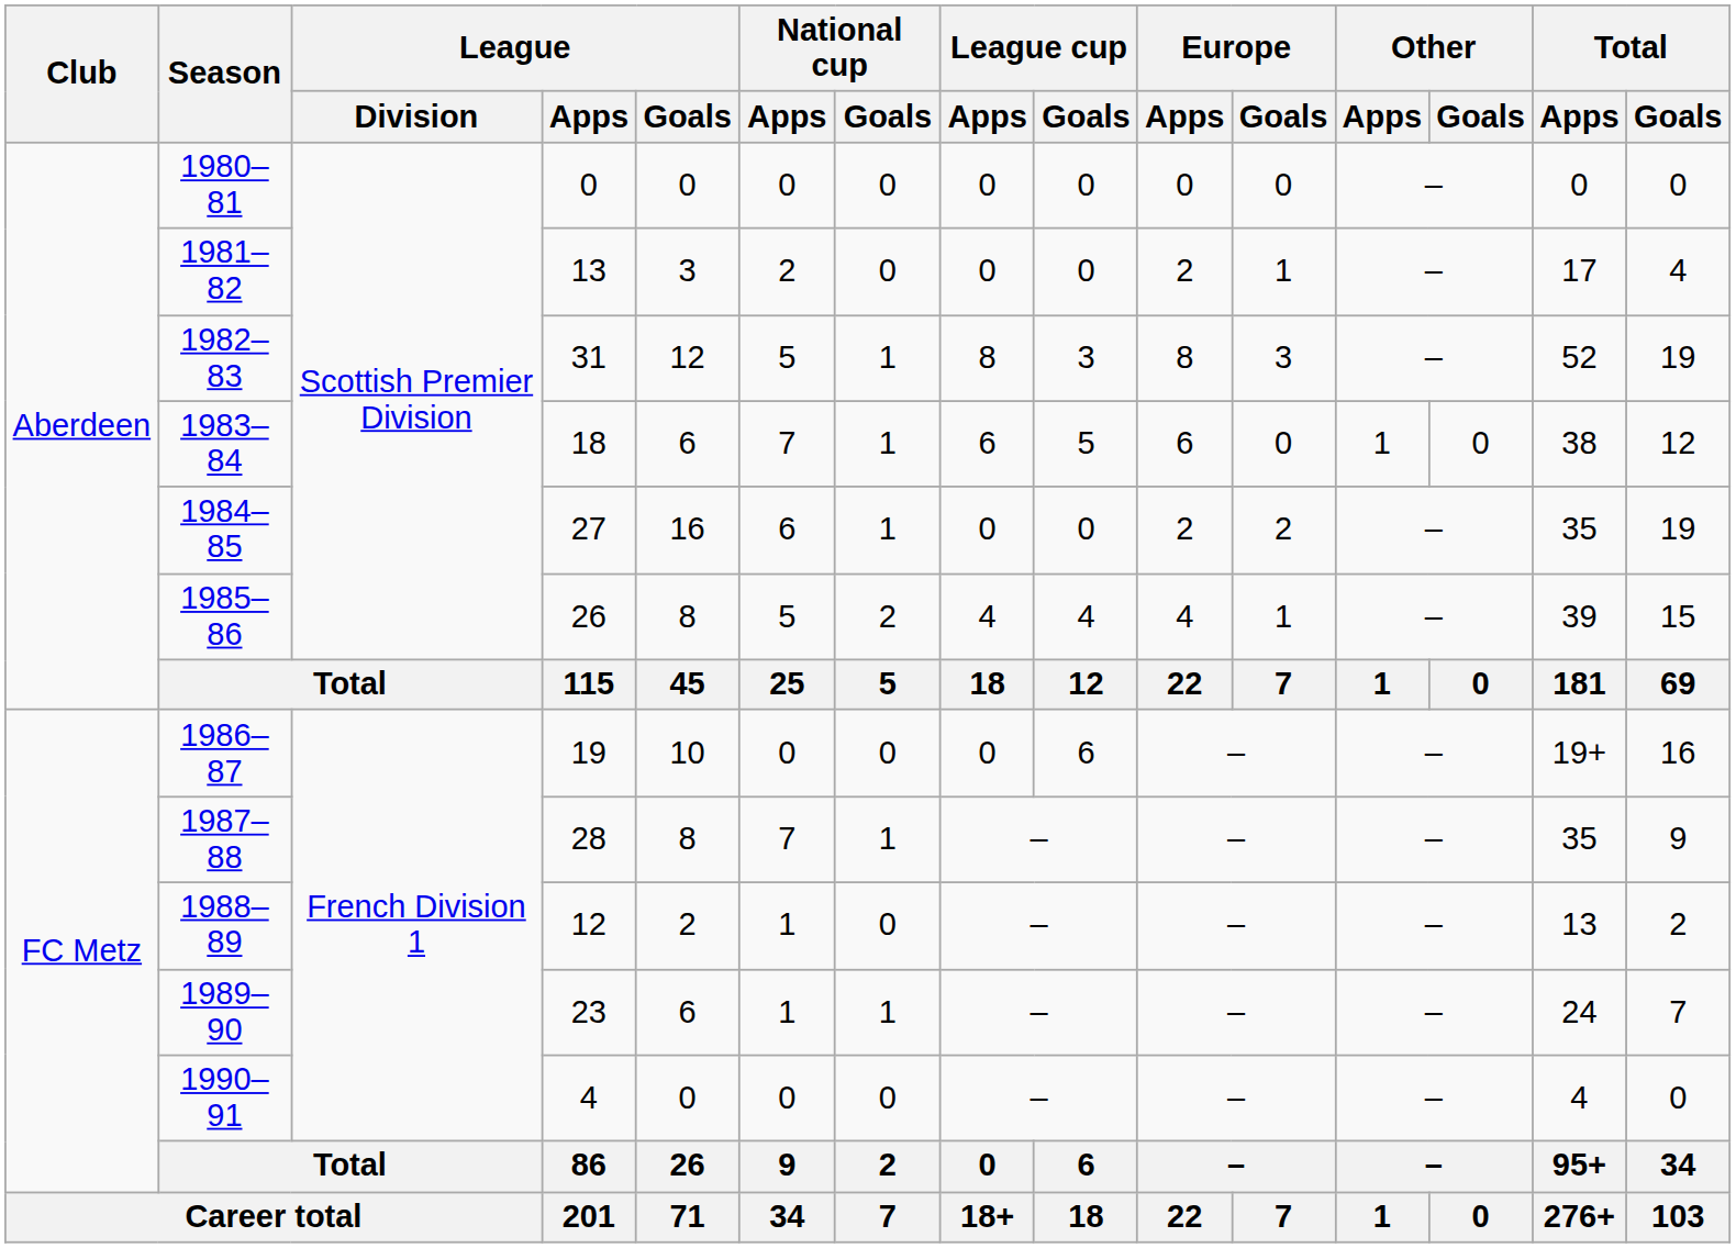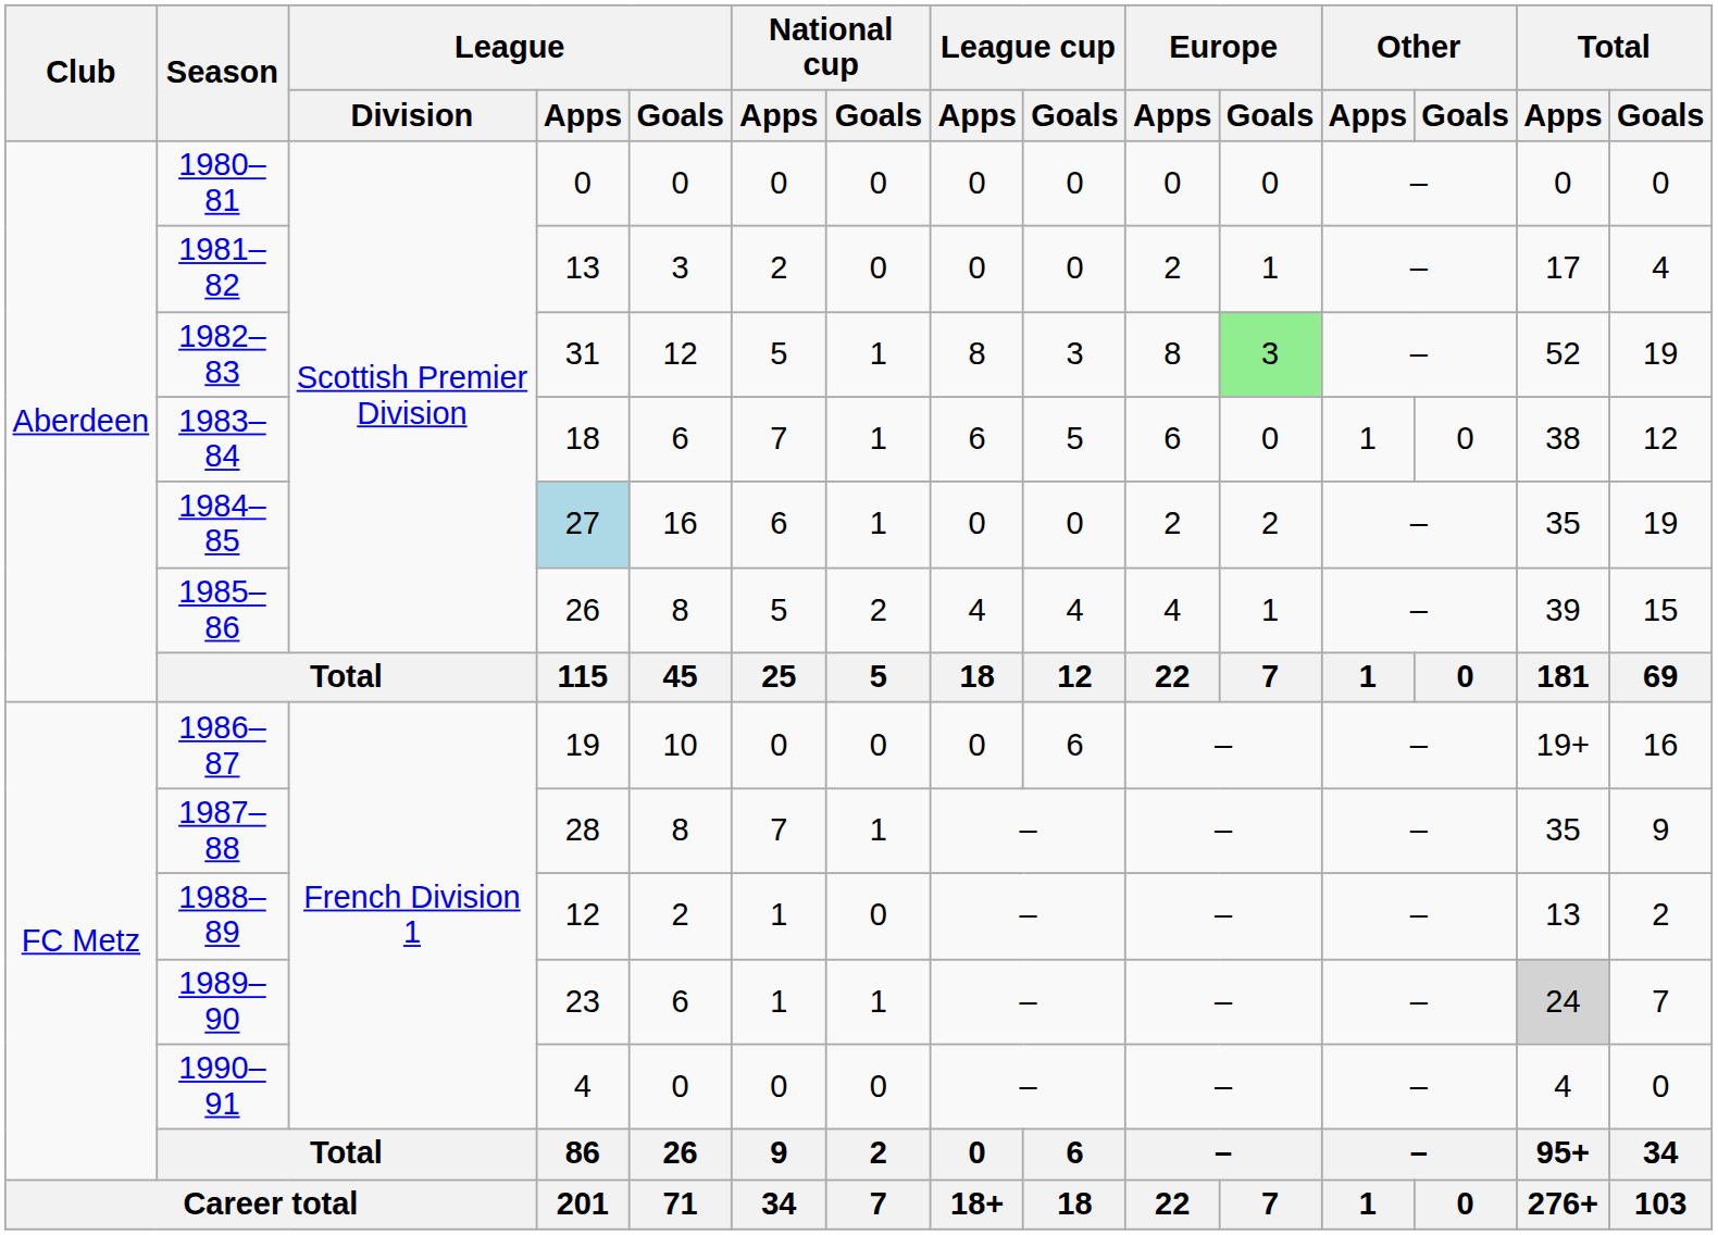 <table class="wikitable" style="text-align:center">
 <tr>
 <th rowspan="2">Club</th>
 <th rowspan="2">Season</th>
 <th colspan="3">League</th>
 <th colspan="2">National cup</th>
 <th colspan="2">League cup</th>
 <th colspan="2">Europe</th>
 <th colspan="2">Other</th>
 <th colspan="2">Total</th>
 </tr>
 <tr>
 <th>Division</th>
 <th>Apps</th>
 <th>Goals</th>
 <th>Apps</th>
 <th>Goals</th>
 <th>Apps</th>
 <th>Goals</th>
 <th>Apps</th>
 <th>Goals</th>
 <th>Apps</th>
 <th>Goals</th>
 <th>Apps</th>
 <th>Goals</th>
 </tr>
 <tr>
 <td rowspan="7"><a href='#'>Aberdeen</a></td>
 <td><a href='#'>1980–81</a></td>
 <td rowspan="6"><a href='#'>Scottish Premier Division</a></td>
 <td>0</td>
 <td>0</td>
 <td>0</td>
 <td>0</td>
 <td>0</td>
 <td>0</td>
 <td>0</td>
 <td>0</td>
 <td colspan="2">–</td>
 <td>0</td>
 <td>0</td>
 </tr>
 <tr>
 <td><a href='#'>1981–82</a></td>
 <td>13</td>
 <td>3</td>
 <td>2</td>
 <td>0</td>
 <td>0</td>
 <td>0</td>
 <td>2</td>
 <td>1</td>
 <td colspan="2">–</td>
 <td>17</td>
 <td>4</td>
 </tr>
 <tr>
 <td><a href='#'>1982–83</a></td>
 <td>31</td>
 <td>12</td>
 <td>5</td>
 <td>1</td>
 <td>8</td>
 <td>3</td>
 <td>8</td>
-<td>3</td>
+<td style="background: lightgreen;">3</td>
 <td colspan="2">–</td>
 <td>52</td>
 <td>19</td>
 </tr>
 <tr>
 <td><a href='#'>1983–84</a></td>
 <td>18</td>
 <td>6</td>
 <td>7</td>
 <td>1</td>
 <td>6</td>
 <td>5</td>
 <td>6</td>
 <td>0</td>
 <td>1</td>
 <td>0</td>
 <td>38</td>
 <td>12</td>
 </tr>
 <tr>
 <td><a href='#'>1984–85</a></td>
-<td>27</td>
+<td style="background: lightblue;">27</td>
 <td>16</td>
 <td>6</td>
 <td>1</td>
 <td>0</td>
 <td>0</td>
 <td>2</td>
 <td>2</td>
 <td colspan="2">–</td>
 <td>35</td>
 <td>19</td>
 </tr>
 <tr>
 <td><a href='#'>1985–86</a></td>
 <td>26</td>
 <td>8</td>
 <td>5</td>
 <td>2</td>
 <td>4</td>
 <td>4</td>
 <td>4</td>
 <td>1</td>
 <td colspan="2">–</td>
 <td>39</td>
 <td>15</td>
 </tr>
 <tr>
 <th colspan="2">Total</th>
 <th>115</th>
 <th>45</th>
 <th>25</th>
 <th>5</th>
 <th>18</th>
 <th>12</th>
 <th>22</th>
 <th>7</th>
 <th>1</th>
 <th>0</th>
 <th>181</th>
 <th>69</th>
 </tr>
 <tr>
 <td rowspan="6"><a href='#'>FC Metz</a></td>
 <td><a href='#'>1986–87</a></td>
 <td rowspan="5"><a href='#'>French Division 1</a></td>
 <td>19</td>
 <td>10</td>
 <td>0</td>
 <td>0</td>
 <td>0</td>
 <td>6</td>
 <td colspan="2">–</td>
 <td colspan="2">–</td>
 <td>19+</td>
 <td>16</td>
 </tr>
 <tr>
 <td><a href='#'>1987–88</a></td>
 <td>28</td>
 <td>8</td>
 <td>7</td>
 <td>1</td>
 <td colspan="2">–</td>
 <td colspan="2">–</td>
 <td colspan="2">–</td>
 <td>35</td>
 <td>9</td>
 </tr>
 <tr>
 <td><a href='#'>1988–89</a></td>
 <td>12</td>
 <td>2</td>
 <td>1</td>
 <td>0</td>
 <td colspan="2">–</td>
 <td colspan="2">–</td>
 <td colspan="2">–</td>
 <td>13</td>
 <td>2</td>
 </tr>
 <tr>
 <td><a href='#'>1989–90</a></td>
 <td>23</td>
 <td>6</td>
 <td>1</td>
 <td>1</td>
 <td colspan="2">–</td>
 <td colspan="2">–</td>
 <td colspan="2">–</td>
-<td>24</td>
+<td style="background: lightgrey;">24</td>
 <td>7</td>
 </tr>
 <tr>
 <td><a href='#'>1990–91</a></td>
 <td>4</td>
 <td>0</td>
 <td>0</td>
 <td>0</td>
 <td colspan="2">–</td>
 <td colspan="2">–</td>
 <td colspan="2">–</td>
 <td>4</td>
 <td>0</td>
 </tr>
 <tr>
 <th colspan="2">Total</th>
 <th>86</th>
 <th>26</th>
 <th>9</th>
 <th>2</th>
 <th>0</th>
 <th>6</th>
 <th colspan="2">–</th>
 <th colspan="2">–</th>
 <th>95+</th>
 <th>34</th>
 </tr>
 <tr>
 <th colspan="3">Career total</th>
 <th>201</th>
 <th>71</th>
 <th>34</th>
 <th>7</th>
 <th>18+</th>
 <th>18</th>
 <th>22</th>
 <th>7</th>
 <th>1</th>
 <th>0</th>
 <th>276+</th>
 <th>103</th>
 </tr>
 </table>
